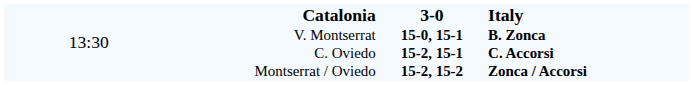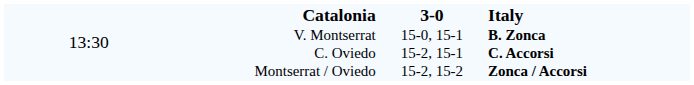 <table style="width: 100%; background:#F5FAFF;" cellspacing="0">
 <tr>
 <td align=center rowspan=3 width=20%>13:30</td>
 </tr>
 <tr>
 <td width=24% align=right><strong>Catalonia</strong></td>
 <td align=center width=13%><strong>3-0</strong></td>
 <td width=24%><strong>Italy</strong></td>
 </tr>
 <tr style=font-size:85%>
 <td align=right valign=top>V. Montserrat<br>C. Oviedo<br>Montserrat / Oviedo</td>
-<td align=center><strong>15-0, 15-1<br>15-2, 15-1<br>15-2, 15-2</strong></td>
+<td align=center>15-0, 15-1<br>15-2, 15-1<br>15-2, 15-2</td>
 <td valign=top><strong>B. Zonca<br>C. Accorsi<br>Zonca / Accorsi</strong></td>
 </tr>
 </table>
